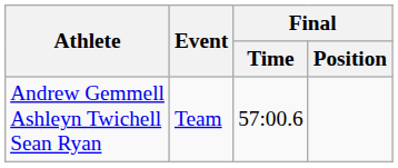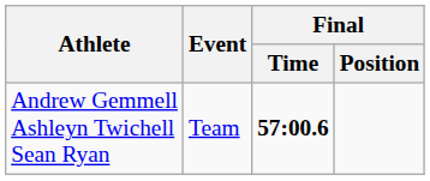 <table class="wikitable" style="font-size:90%">
 <tr>
 <th rowspan=2>Athlete</th>
 <th rowspan=2>Event</th>
 <th colspan=2>Final</th>
 </tr>
 <tr>
 <th>Time</th>
 <th>Position</th>
 </tr>
 <tr>
 <td rowspan=1><a href='#'>Andrew Gemmell</a><br><a href='#'>Ashleyn Twichell</a><br><a href='#'>Sean Ryan</a></td>
 <td><a href='#'>Team</a></td>
-<td align=center>57:00.6</td>
+<td align=center><strong>57:00.6</strong></td>
 <td align=center></td>
 </tr>
 </table>
